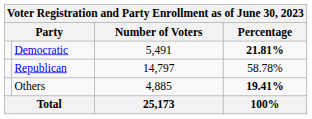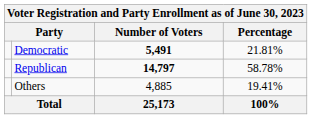 <table class=wikitable>
 <tr>
 <th colspan = 6>Voter Registration and Party Enrollment as of June 30, 2023</th>
 </tr>
 <tr>
 <th colspan = 2>Party</th>
 <th>Number of Voters</th>
 <th>Percentage</th>
 </tr>
 <tr>
 <td></td>
 <td><a href='#'>Democratic</a></td>
-<td align = center>5,491</td>
-<td align = center><strong>21.81%</strong></td>
+<td align = center><strong>5,491</strong></td>
+<td align = center>21.81%</td>
 </tr>
 <tr>
 <td></td>
 <td><a href='#'>Republican</a></td>
-<td align = center>14,797</td>
+<td align = center><strong>14,797</strong></td>
 <td align = center>58.78%</td>
 </tr>
 <tr>
 <td></td>
 <td>Others</td>
 <td align = center>4,885</td>
-<td align = center><strong>19.41%</strong></td>
+<td align = center>19.41%</td>
 </tr>
 <tr>
 <th colspan = 2>Total</th>
 <th align = center>25,173</th>
 <th align = center>100%</th>
 </tr>
 </table>
